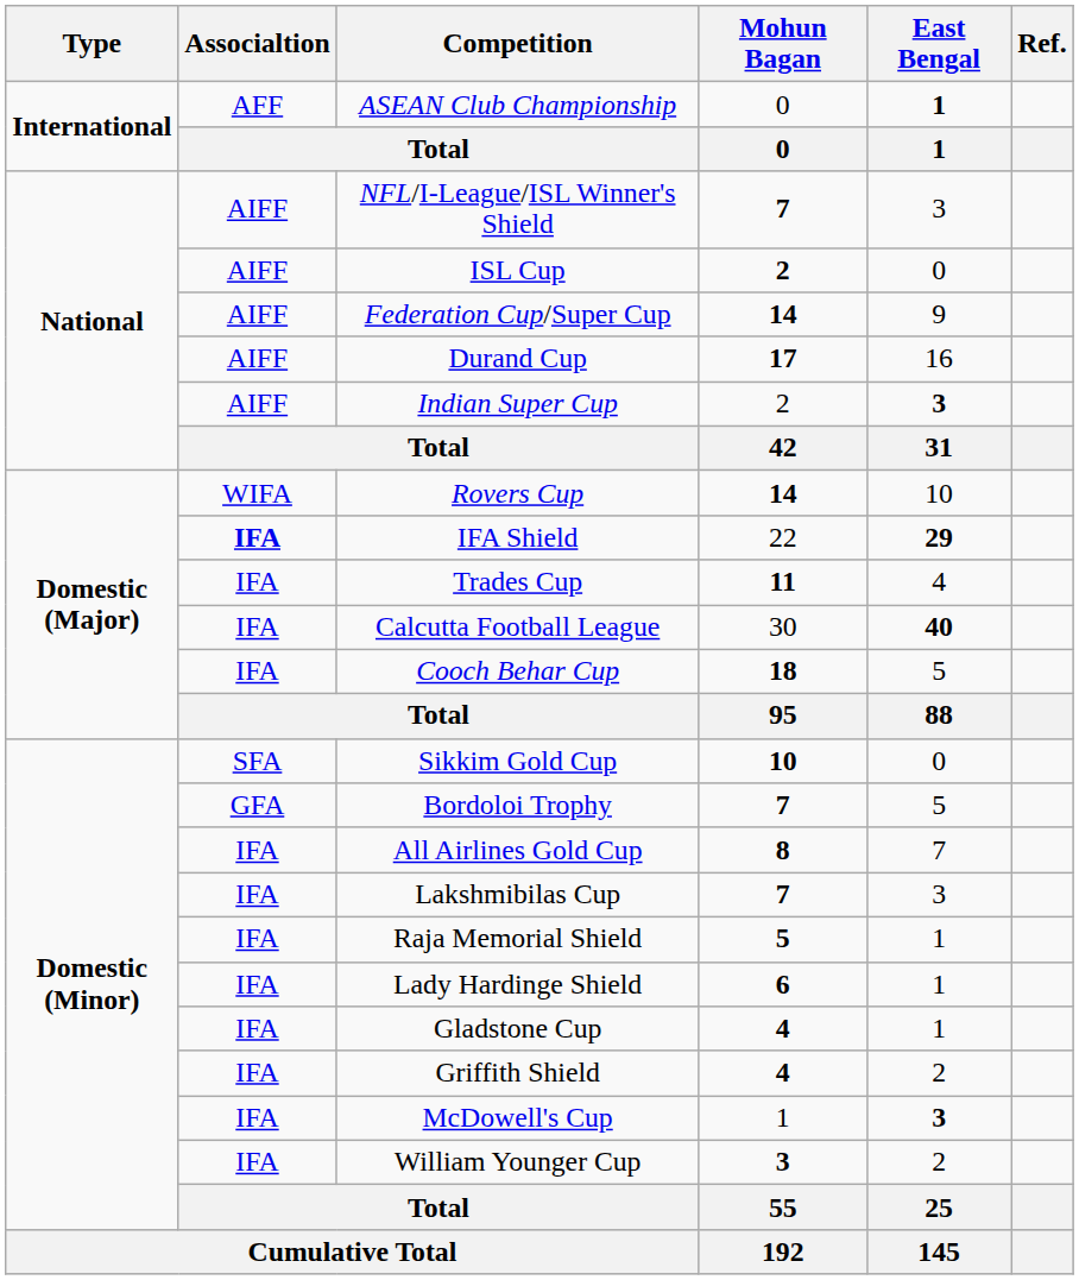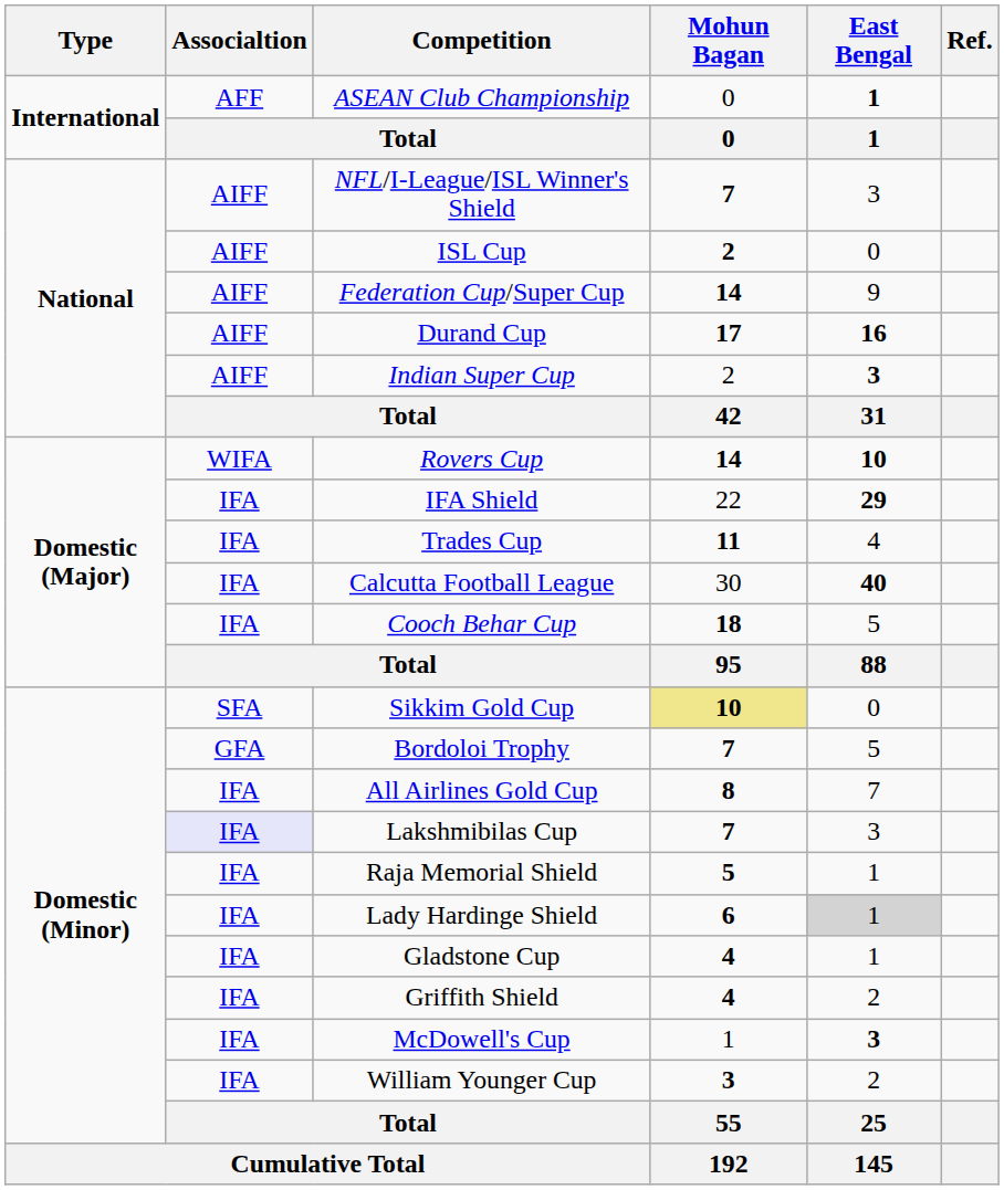 <table class="wikitable sortable" style="text-align: center">
 <tr>
 <th>Type</th>
 <th>Associaltion</th>
 <th>Competition</th>
 <th><a href='#'>Mohun Bagan</a></th>
 <th><a href='#'>East Bengal</a></th>
 <th>Ref.</th>
 </tr>
 <tr>
 <td rowspan="2"><strong>International</strong></td>
 <td><a href='#'>AFF</a></td>
 <td><a href='#'><em>ASEAN Club Championship</em></a></td>
 <td>0</td>
 <td><strong>1</strong></td>
 <td></td>
 </tr>
 <tr>
 <th colspan="2"><strong>Total</strong></th>
 <th>0</th>
 <th>1</th>
 <th></th>
 </tr>
 <tr>
 <td rowspan="6"><strong>National</strong></td>
 <td><a href='#'>AIFF</a></td>
 <td><a href='#'><em>NFL</em></a>/<a href='#'>I-League</a>/<a href='#'>ISL Winner's Shield</a></td>
 <td><strong>7</strong></td>
 <td>3</td>
 <td></td>
 </tr>
 <tr>
 <td><a href='#'>AIFF</a></td>
 <td><a href='#'>ISL Cup</a></td>
 <td><strong>2</strong></td>
 <td>0</td>
 <td></td>
 </tr>
 <tr>
 <td><a href='#'>AIFF</a></td>
 <td><a href='#'><em>Federation Cup</em></a>/<a href='#'>Super Cup</a></td>
 <td><strong>14</strong></td>
 <td>9</td>
 <td></td>
 </tr>
 <tr>
 <td><a href='#'>AIFF</a></td>
 <td><a href='#'>Durand Cup</a></td>
 <td><strong>17</strong></td>
-<td>16</td>
+<td><strong>16</strong></td>
 <td></td>
 </tr>
 <tr>
 <td><a href='#'>AIFF</a></td>
 <td><a href='#'><em>Indian Super Cup</em></a></td>
 <td>2</td>
 <td><strong>3</strong></td>
 <td></td>
 </tr>
 <tr>
 <th colspan="2">Total</th>
 <th>42</th>
 <th>31</th>
 <th></th>
 </tr>
 <tr>
 <td rowspan="6"><strong>Domestic</strong><br><strong>(Major)</strong></td>
 <td><a href='#'>WIFA</a></td>
 <td><em><a href='#'>Rovers Cup</a></em></td>
 <td><strong>14</strong></td>
-<td>10</td>
+<td><strong>10</strong></td>
 <td></td>
 </tr>
 <tr>
-<td><strong><a href='#'>IFA</a></strong></td>
+<td><a href='#'>IFA</a></td>
 <td><a href='#'>IFA Shield</a></td>
 <td>22</td>
 <td><strong>29</strong></td>
 <td></td>
 </tr>
 <tr>
 <td><a href='#'>IFA</a></td>
 <td><a href='#'>Trades Cup</a></td>
 <td><strong>11</strong></td>
 <td>4</td>
 <td></td>
 </tr>
 <tr>
 <td><a href='#'>IFA</a></td>
 <td><a href='#'>Calcutta Football League</a></td>
 <td>30</td>
 <td><strong>40</strong></td>
 <td></td>
 </tr>
 <tr>
 <td><a href='#'>IFA</a></td>
 <td><em><a href='#'>Cooch Behar Cup</a></em></td>
 <td><strong>18</strong></td>
 <td>5</td>
 <td></td>
 </tr>
 <tr>
 <th colspan="2"><strong>Total</strong></th>
 <th>95</th>
 <th>88</th>
 <th></th>
 </tr>
 <tr>
 <td rowspan="11"><strong>Domestic</strong><br><strong>(Minor)</strong></td>
 <td><a href='#'>SFA</a></td>
 <td><a href='#'>Sikkim Gold Cup</a></td>
-<td><strong>10</strong></td>
+<td style="background: khaki;"><strong>10</strong></td>
 <td>0</td>
 <td></td>
 </tr>
 <tr>
 <td><a href='#'>GFA</a></td>
 <td><a href='#'>Bordoloi Trophy</a></td>
 <td><strong>7</strong></td>
 <td>5</td>
 <td></td>
 </tr>
 <tr>
 <td><a href='#'>IFA</a></td>
 <td><a href='#'>All Airlines Gold Cup</a></td>
 <td><strong>8</strong></td>
 <td>7</td>
 <td></td>
 </tr>
 <tr>
-<td><a href='#'>IFA</a></td>
+<td style="background: lavender;"><a href='#'>IFA</a></td>
 <td>Lakshmibilas Cup</td>
 <td><strong>7</strong></td>
 <td>3</td>
 <td></td>
 </tr>
 <tr>
 <td><a href='#'>IFA</a></td>
 <td>Raja Memorial Shield</td>
 <td><strong>5</strong></td>
 <td>1</td>
 <td></td>
 </tr>
 <tr>
 <td><a href='#'>IFA</a></td>
 <td>Lady Hardinge Shield</td>
 <td><strong>6</strong></td>
-<td>1</td>
+<td style="background: lightgrey;">1</td>
 <td></td>
 </tr>
 <tr>
 <td><a href='#'>IFA</a></td>
 <td>Gladstone Cup</td>
 <td><strong>4</strong></td>
 <td>1</td>
 <td></td>
 </tr>
 <tr>
 <td><a href='#'>IFA</a></td>
 <td>Griffith Shield</td>
 <td><strong>4</strong></td>
 <td>2</td>
 <td></td>
 </tr>
 <tr>
 <td><a href='#'>IFA</a></td>
 <td><a href='#'>McDowell's Cup</a></td>
 <td>1</td>
 <td><strong>3</strong></td>
 <td></td>
 </tr>
 <tr>
 <td><a href='#'>IFA</a></td>
 <td>William Younger Cup</td>
 <td><strong>3</strong></td>
 <td>2</td>
 <td></td>
 </tr>
 <tr>
 <th colspan="2">Total</th>
 <th>55</th>
 <th>25</th>
 <th></th>
 </tr>
 <tr>
 <th colspan="3">Cumulative Total</th>
 <th>192</th>
 <th>145</th>
 <th></th>
 </tr>
 </table>
